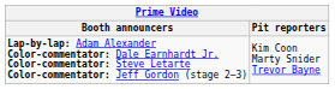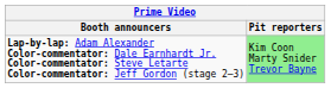 <table class="wikitable" style="font-size: 95%">
 <tr>
 <th colspan="2"><a href='#'>Prime Video</a></th>
 </tr>
 <tr>
 <th>Booth announcers</th>
 <th>Pit reporters</th>
 </tr>
 <tr>
 <td><strong>Lap-by-lap:</strong> <a href='#'>Adam Alexander</a><br><strong>Color-commentator:</strong> <a href='#'>Dale Earnhardt Jr.</a><br><strong>Color-commentator:</strong> <a href='#'>Steve Letarte</a><br><strong>Color-commentator:</strong> <a href='#'>Jeff Gordon</a> (stage 2–3)</td>
-<td>Kim Coon <br>Marty Snider <br><a href='#'>Trevor Bayne</a></td>
+<td style="background: lightgreen;">Kim Coon <br>Marty Snider <br><a href='#'>Trevor Bayne</a></td>
 </tr>
 </table>
